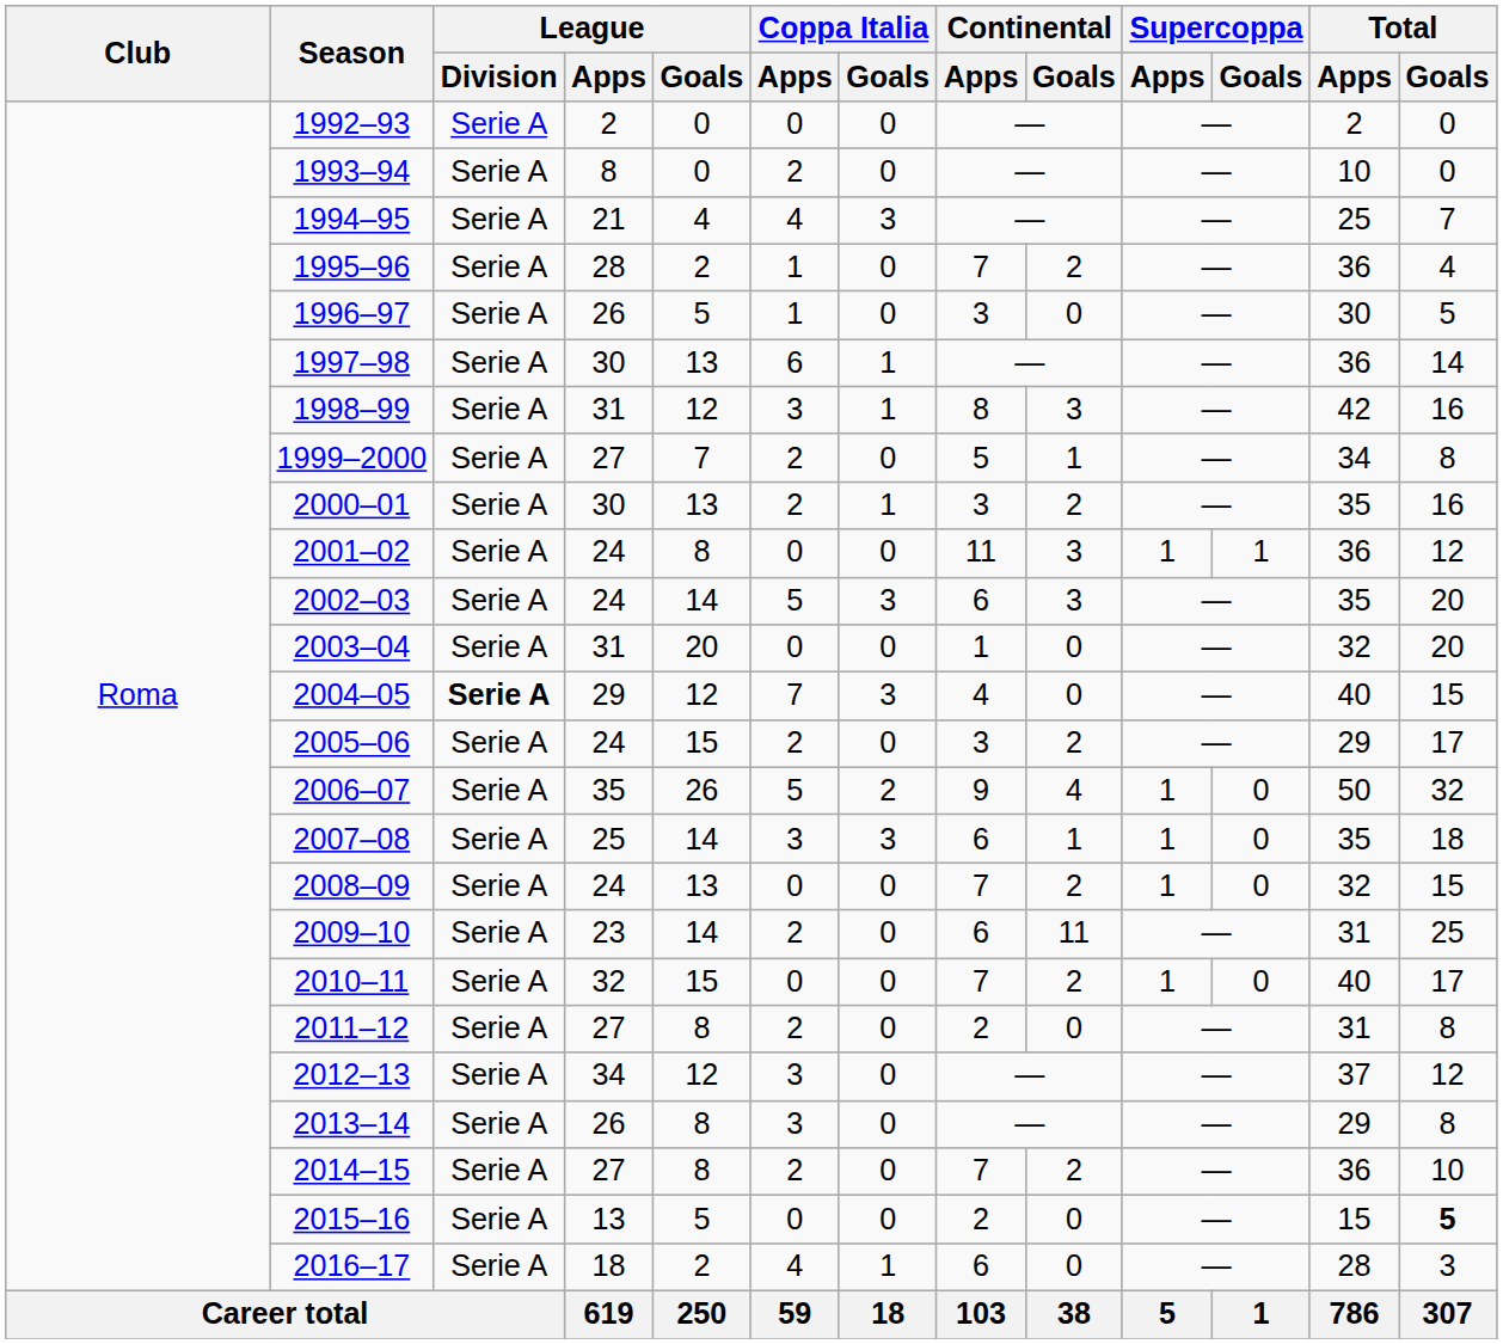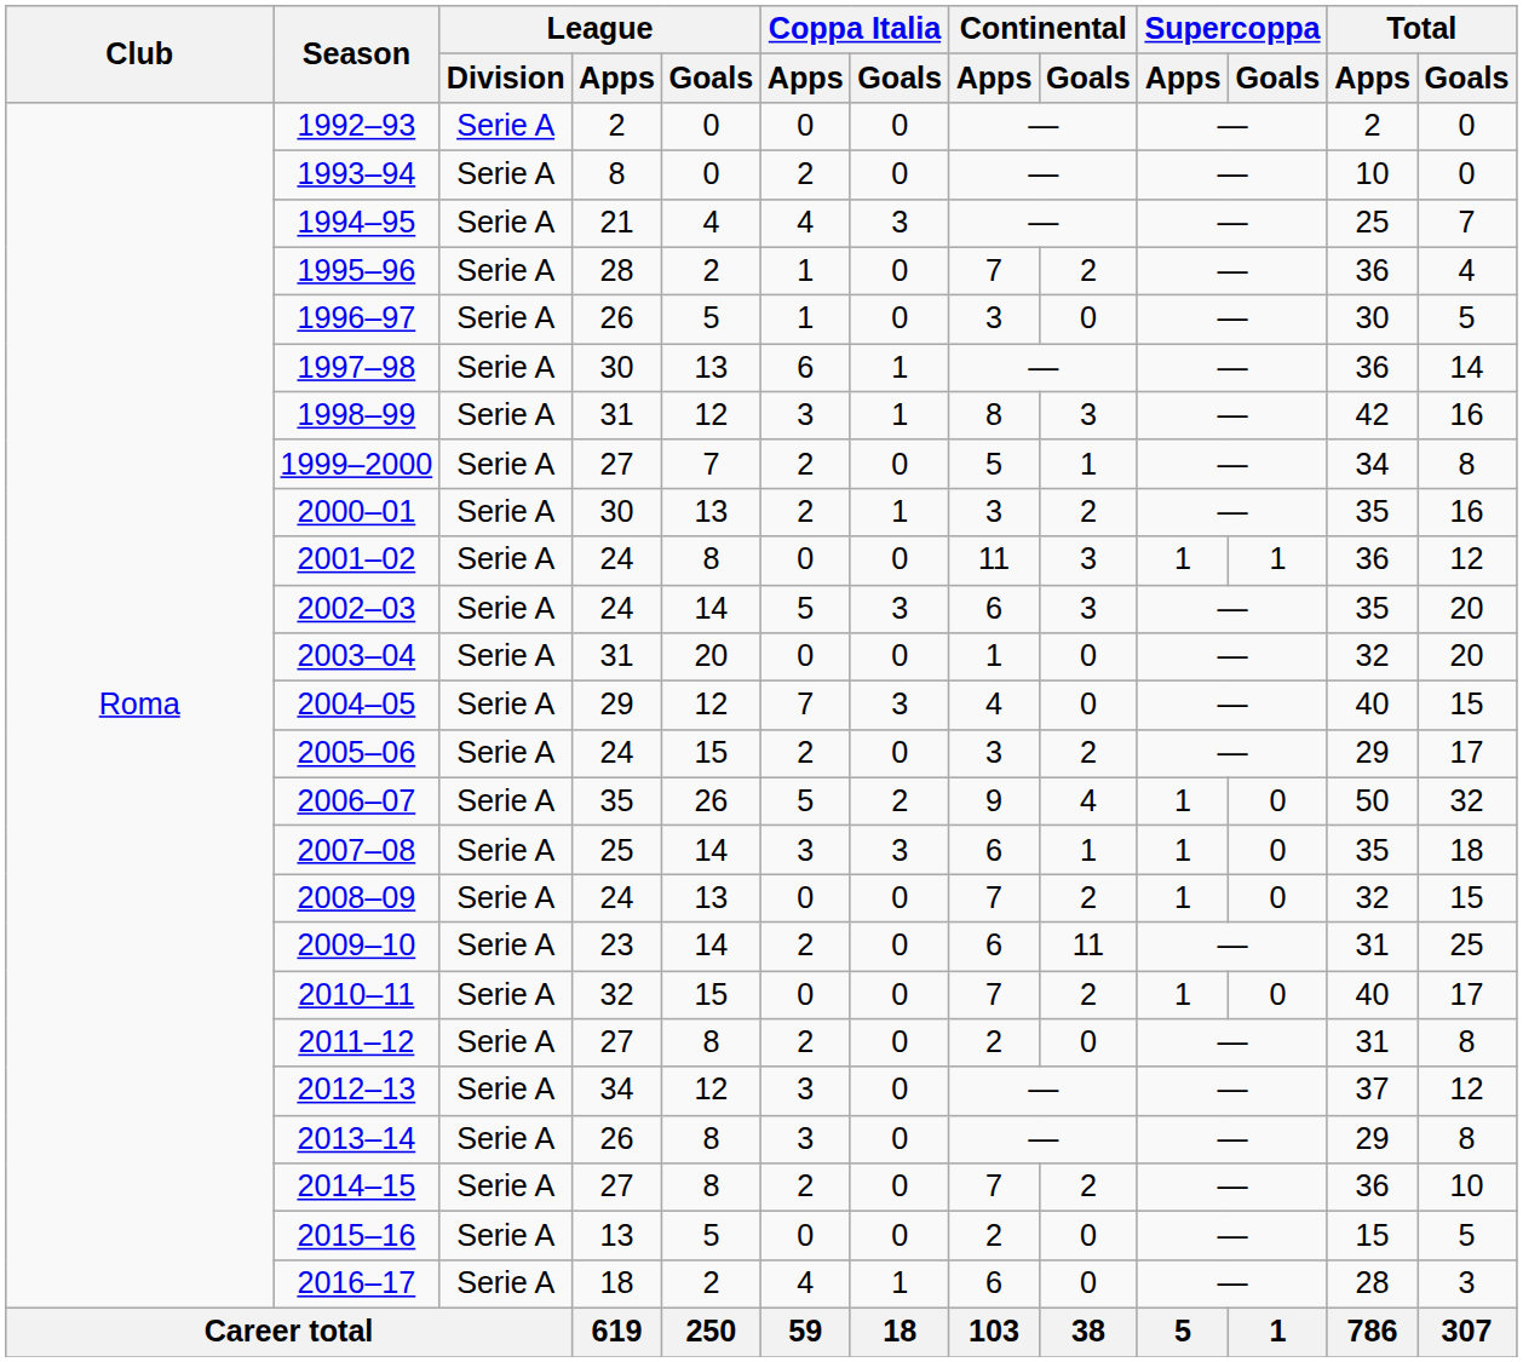 <table class="wikitable" style="text-align:center">
 <tr>
 <th rowspan="2" style="width: 100pt">Club</th>
 <th rowspan="2">Season</th>
 <th colspan="3">League</th>
 <th colspan="2"><a href='#'>Coppa Italia</a></th>
 <th colspan="2">Continental</th>
 <th colspan="2"><a href='#'>Supercoppa</a></th>
 <th colspan="2">Total</th>
 </tr>
 <tr>
 <th>Division</th>
 <th>Apps</th>
 <th>Goals</th>
 <th>Apps</th>
 <th>Goals</th>
 <th>Apps</th>
 <th>Goals</th>
 <th>Apps</th>
 <th>Goals</th>
 <th>Apps</th>
 <th>Goals</th>
 </tr>
 <tr>
 <td rowspan="25"><a href='#'>Roma</a></td>
 <td><a href='#'>1992–93</a></td>
 <td><a href='#'>Serie A</a></td>
 <td>2</td>
 <td>0</td>
 <td>0</td>
 <td>0</td>
 <td colspan="2">—</td>
 <td colspan="2">—</td>
 <td>2</td>
 <td>0</td>
 </tr>
 <tr>
 <td><a href='#'>1993–94</a></td>
 <td>Serie A</td>
 <td>8</td>
 <td>0</td>
 <td>2</td>
 <td>0</td>
 <td colspan="2">—</td>
 <td colspan="2">—</td>
 <td>10</td>
 <td>0</td>
 </tr>
 <tr>
 <td><a href='#'>1994–95</a></td>
 <td>Serie A</td>
 <td>21</td>
 <td>4</td>
 <td>4</td>
 <td>3</td>
 <td colspan="2">—</td>
 <td colspan="2">—</td>
 <td>25</td>
 <td>7</td>
 </tr>
 <tr>
 <td><a href='#'>1995–96</a></td>
 <td>Serie A</td>
 <td>28</td>
 <td>2</td>
 <td>1</td>
 <td>0</td>
 <td>7</td>
 <td>2</td>
 <td colspan="2">—</td>
 <td>36</td>
 <td>4</td>
 </tr>
 <tr>
 <td><a href='#'>1996–97</a></td>
 <td>Serie A</td>
 <td>26</td>
 <td>5</td>
 <td>1</td>
 <td>0</td>
 <td>3</td>
 <td>0</td>
 <td colspan="2">—</td>
 <td>30</td>
 <td>5</td>
 </tr>
 <tr>
 <td><a href='#'>1997–98</a></td>
 <td>Serie A</td>
 <td>30</td>
 <td>13</td>
 <td>6</td>
 <td>1</td>
 <td colspan="2">—</td>
 <td colspan="2">—</td>
 <td>36</td>
 <td>14</td>
 </tr>
 <tr>
 <td><a href='#'>1998–99</a></td>
 <td>Serie A</td>
 <td>31</td>
 <td>12</td>
 <td>3</td>
 <td>1</td>
 <td>8</td>
 <td>3</td>
 <td colspan="2">—</td>
 <td>42</td>
 <td>16</td>
 </tr>
 <tr>
 <td><a href='#'>1999–2000</a></td>
 <td>Serie A</td>
 <td>27</td>
 <td>7</td>
 <td>2</td>
 <td>0</td>
 <td>5</td>
 <td>1</td>
 <td colspan="2">—</td>
 <td>34</td>
 <td>8</td>
 </tr>
 <tr>
 <td><a href='#'>2000–01</a></td>
 <td>Serie A</td>
 <td>30</td>
 <td>13</td>
 <td>2</td>
 <td>1</td>
 <td>3</td>
 <td>2</td>
 <td colspan="2">—</td>
 <td>35</td>
 <td>16</td>
 </tr>
 <tr>
 <td><a href='#'>2001–02</a></td>
 <td>Serie A</td>
 <td>24</td>
 <td>8</td>
 <td>0</td>
 <td>0</td>
 <td>11</td>
 <td>3</td>
 <td>1</td>
 <td>1</td>
 <td>36</td>
 <td>12</td>
 </tr>
 <tr>
 <td><a href='#'>2002–03</a></td>
 <td>Serie A</td>
 <td>24</td>
 <td>14</td>
 <td>5</td>
 <td>3</td>
 <td>6</td>
 <td>3</td>
 <td colspan="2">—</td>
 <td>35</td>
 <td>20</td>
 </tr>
 <tr>
 <td><a href='#'>2003–04</a></td>
 <td>Serie A</td>
 <td>31</td>
 <td>20</td>
 <td>0</td>
 <td>0</td>
 <td>1</td>
 <td>0</td>
 <td colspan="2">—</td>
 <td>32</td>
 <td>20</td>
 </tr>
 <tr>
 <td><a href='#'>2004–05</a></td>
-<td><strong>Serie A</strong></td>
+<td>Serie A</td>
 <td>29</td>
 <td>12</td>
 <td>7</td>
 <td>3</td>
 <td>4</td>
 <td>0</td>
 <td colspan="2">—</td>
 <td>40</td>
 <td>15</td>
 </tr>
 <tr>
 <td><a href='#'>2005–06</a></td>
 <td>Serie A</td>
 <td>24</td>
 <td>15</td>
 <td>2</td>
 <td>0</td>
 <td>3</td>
 <td>2</td>
 <td colspan="2">—</td>
 <td>29</td>
 <td>17</td>
 </tr>
 <tr>
 <td><a href='#'>2006–07</a></td>
 <td>Serie A</td>
 <td>35</td>
 <td>26</td>
 <td>5</td>
 <td>2</td>
 <td>9</td>
 <td>4</td>
 <td>1</td>
 <td>0</td>
 <td>50</td>
 <td>32</td>
 </tr>
 <tr>
 <td><a href='#'>2007–08</a></td>
 <td>Serie A</td>
 <td>25</td>
 <td>14</td>
 <td>3</td>
 <td>3</td>
 <td>6</td>
 <td>1</td>
 <td>1</td>
 <td>0</td>
 <td>35</td>
 <td>18</td>
 </tr>
 <tr>
 <td><a href='#'>2008–09</a></td>
 <td>Serie A</td>
 <td>24</td>
 <td>13</td>
 <td>0</td>
 <td>0</td>
 <td>7</td>
 <td>2</td>
 <td>1</td>
 <td>0</td>
 <td>32</td>
 <td>15</td>
 </tr>
 <tr>
 <td><a href='#'>2009–10</a></td>
 <td>Serie A</td>
 <td>23</td>
 <td>14</td>
 <td>2</td>
 <td>0</td>
 <td>6</td>
 <td>11</td>
 <td colspan="2">—</td>
 <td>31</td>
 <td>25</td>
 </tr>
 <tr>
 <td><a href='#'>2010–11</a></td>
 <td>Serie A</td>
 <td>32</td>
 <td>15</td>
 <td>0</td>
 <td>0</td>
 <td>7</td>
 <td>2</td>
 <td>1</td>
 <td>0</td>
 <td>40</td>
 <td>17</td>
 </tr>
 <tr>
 <td><a href='#'>2011–12</a></td>
 <td>Serie A</td>
 <td>27</td>
 <td>8</td>
 <td>2</td>
 <td>0</td>
 <td>2</td>
 <td>0</td>
 <td colspan="2">—</td>
 <td>31</td>
 <td>8</td>
 </tr>
 <tr>
 <td><a href='#'>2012–13</a></td>
 <td>Serie A</td>
 <td>34</td>
 <td>12</td>
 <td>3</td>
 <td>0</td>
 <td colspan="2">—</td>
 <td colspan="2">—</td>
 <td>37</td>
 <td>12</td>
 </tr>
 <tr>
 <td><a href='#'>2013–14</a></td>
 <td>Serie A</td>
 <td>26</td>
 <td>8</td>
 <td>3</td>
 <td>0</td>
 <td colspan="2">—</td>
 <td colspan="2">—</td>
 <td>29</td>
 <td>8</td>
 </tr>
 <tr>
 <td><a href='#'>2014–15</a></td>
 <td>Serie A</td>
 <td>27</td>
 <td>8</td>
 <td>2</td>
 <td>0</td>
 <td>7</td>
 <td>2</td>
 <td colspan="2">—</td>
 <td>36</td>
 <td>10</td>
 </tr>
 <tr>
 <td><a href='#'>2015–16</a></td>
 <td>Serie A</td>
 <td>13</td>
 <td>5</td>
 <td>0</td>
 <td>0</td>
 <td>2</td>
 <td>0</td>
 <td colspan="2">—</td>
 <td>15</td>
-<td><strong>5</strong></td>
+<td>5</td>
 </tr>
 <tr>
 <td><a href='#'>2016–17</a></td>
 <td>Serie A</td>
 <td>18</td>
 <td>2</td>
 <td>4</td>
 <td>1</td>
 <td>6</td>
 <td>0</td>
 <td colspan="2">—</td>
 <td>28</td>
 <td>3</td>
 </tr>
 <tr>
 <th colspan="3">Career total</th>
 <th>619</th>
 <th>250</th>
 <th>59</th>
 <th>18</th>
 <th>103</th>
 <th>38</th>
 <th>5</th>
 <th>1</th>
 <th>786</th>
 <th>307</th>
 </tr>
 </table>
